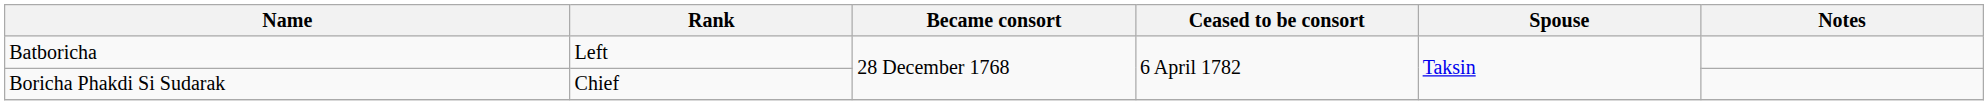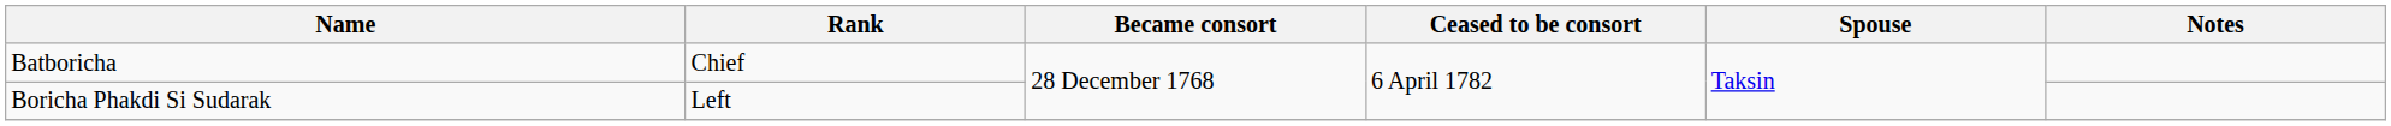 <table width=100% class="wikitable">
 <tr>
 <th width=10%>Name</th>
 <th width=5%>Rank</th>
 <th width=5%>Became consort</th>
 <th width=5%>Ceased to be consort</th>
 <th width=5%>Spouse</th>
 <th width=5%>Notes</th>
 </tr>
 <tr>
 <td>Batboricha</td>
-<td>Left</td>
+<td>Chief</td>
 <td rowspan="2">28 December 1768</td>
 <td rowspan="2">6 April 1782</td>
 <td rowspan="2"><a href='#'>Taksin</a></td>
 <td></td>
 </tr>
 <tr>
 <td>Boricha Phakdi Si Sudarak</td>
-<td>Chief</td>
+<td>Left</td>
 <td></td>
 </tr>
 <tr>
 </tr>
 </table>
